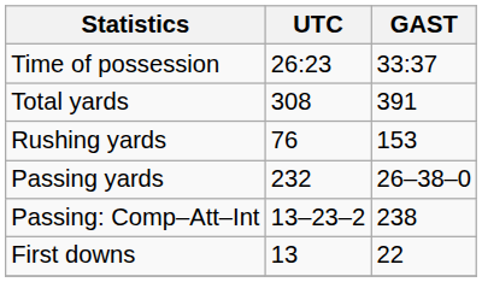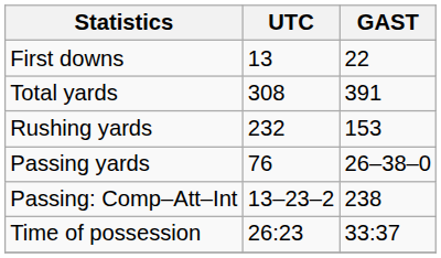 <table class="wikitable" style="float: left;">
 <tr>
 <th>Statistics</th>
 <th>UTC</th>
 <th>GAST</th>
 </tr>
 <tr>
-<td>Time of possession</td>
-<td>26:23</td>
-<td>33:37</td>
+<td>First downs</td>
+<td>13</td>
+<td>22</td>
 </tr>
 <tr>
 <td>Total yards</td>
 <td>308</td>
 <td>391</td>
 </tr>
 <tr>
 <td>Rushing yards</td>
-<td>76</td>
+<td>232</td>
 <td>153</td>
 </tr>
 <tr>
 <td>Passing yards</td>
-<td>232</td>
+<td>76</td>
 <td>26–38–0</td>
 </tr>
 <tr>
 <td>Passing: Comp–Att–Int</td>
 <td>13–23–2</td>
 <td>238</td>
 </tr>
 <tr>
-<td>First downs</td>
-<td>13</td>
-<td>22</td>
+<td>Time of possession</td>
+<td>26:23</td>
+<td>33:37</td>
 </tr>
 <tr>
 </tr>
 </table>
